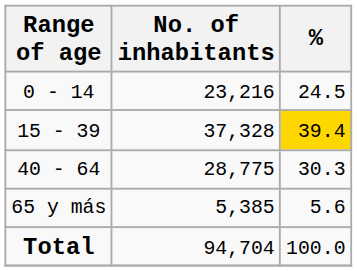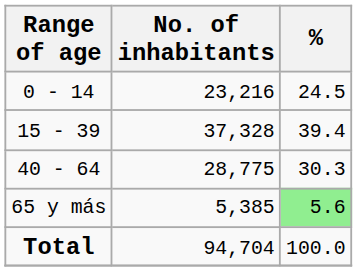 <table class="wikitable" align=right>
 <tr>
 <th>Range<br>of age</th>
 <th>No. of<br>inhabitants</th>
 <th>%</th>
 </tr>
 <tr>
 <td align=center><small>0 - 14</small></td>
 <td align=right><small>23,216 </small></td>
 <td align=right><small>24.5</small></td>
 </tr>
 <tr>
 <td align=center><small>15 - 39</small></td>
 <td align=right><small>37,328 </small></td>
-<td align=right style="background: gold;"><small>39.4</small></td>
+<td align=right><small>39.4</small></td>
 </tr>
 <tr>
 <td align=center><small>40 - 64</small></td>
 <td align=right><small>28,775  </small></td>
 <td align=right><small> 30.3</small></td>
 </tr>
 <tr>
 <td align=center><small>65 y más</small></td>
 <td align=right><small>5,385 </small></td>
-<td align=right><small>5.6</small></td>
+<td align=right style="background: lightgreen;"><small>5.6</small></td>
 </tr>
 <tr>
 <td align=center><strong>Total</strong></td>
 <td align=right><small>94,704 </small></td>
 <td align=right><small>100.0</small></td>
 </tr>
 <tr>
 </tr>
 </table>
